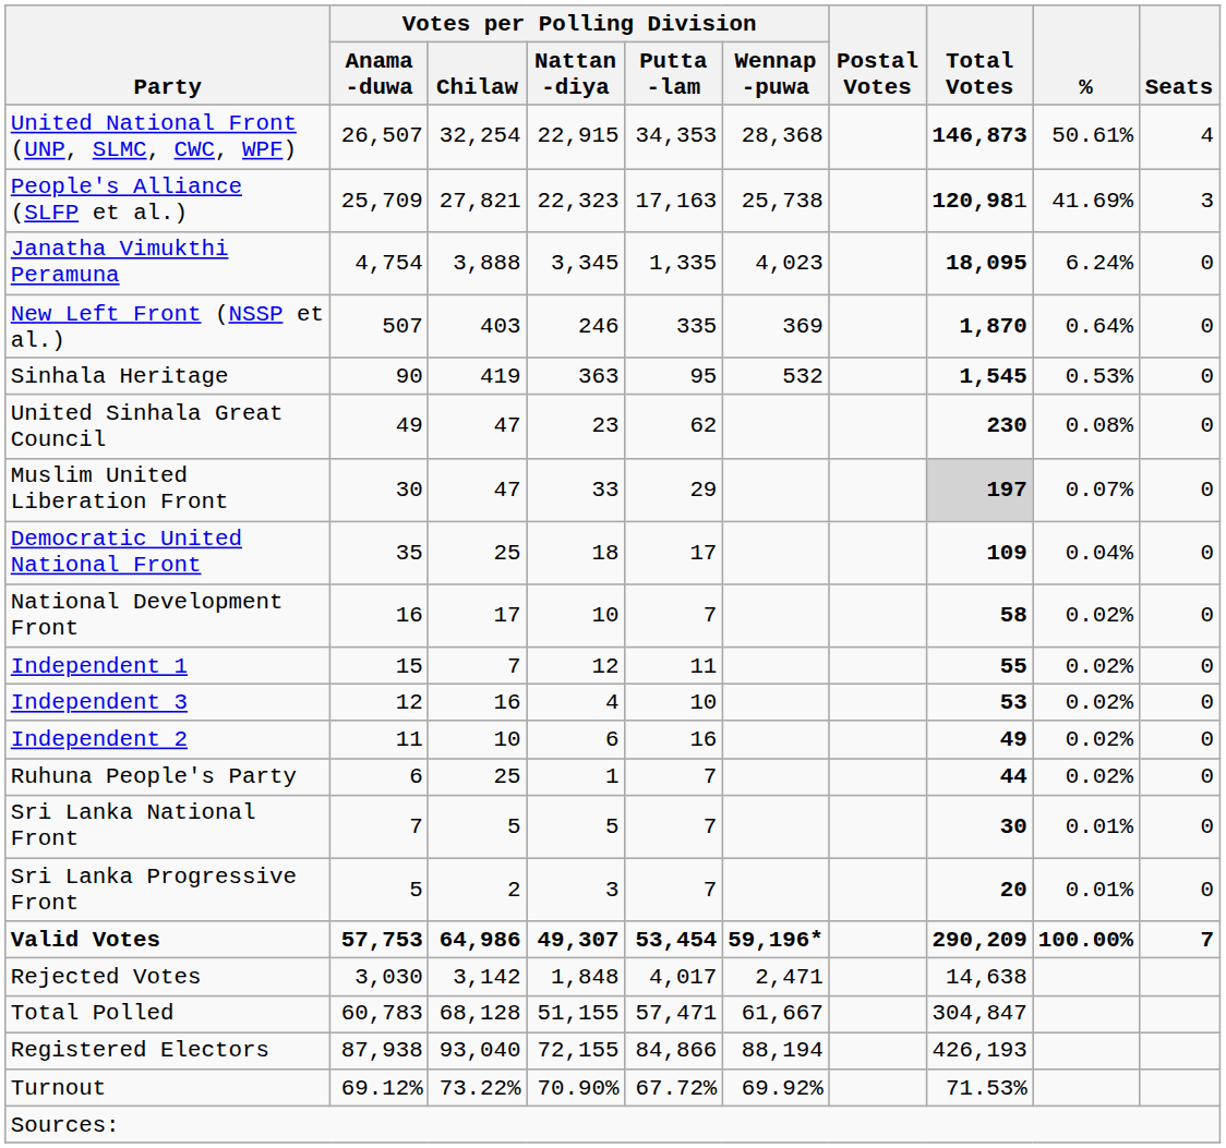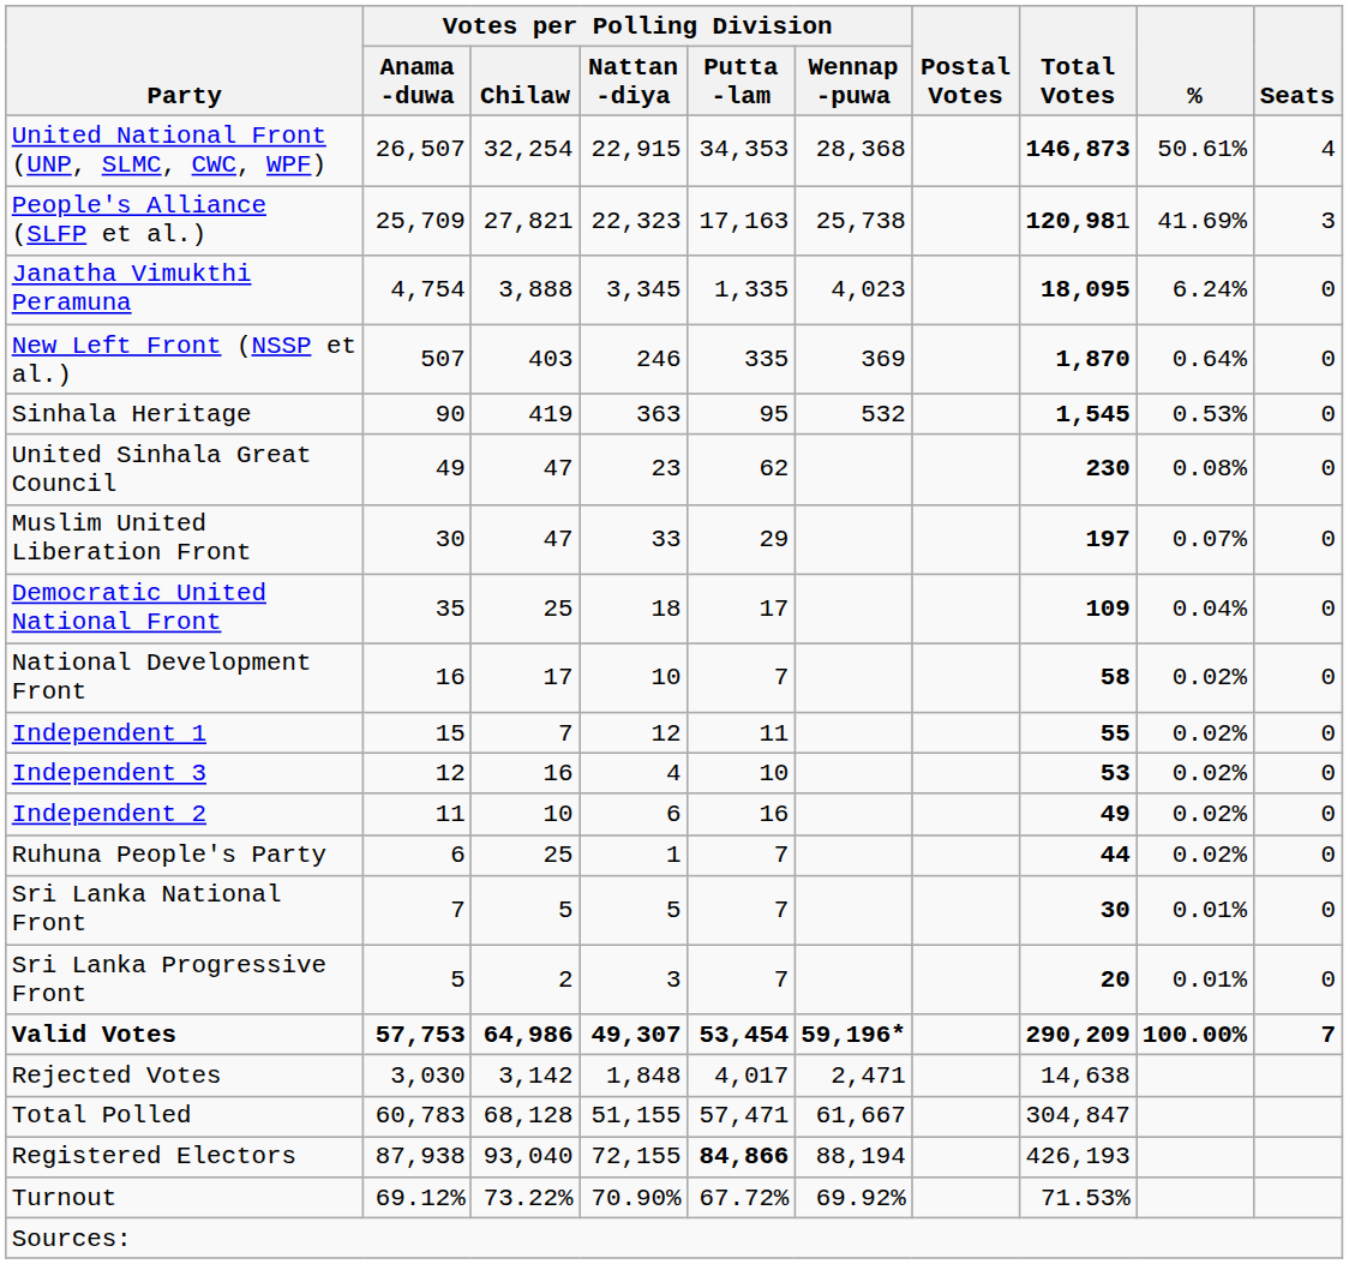 <table class="wikitable" border="1" style="text-align:right;">
 <tr>
 <th align=left valign=bottom rowspan=2 width="180">Party</th>
 <th colspan=5>Votes per Polling Division</th>
 <th align=center valign=bottom rowspan=2 width="50">Postal<br>Votes</th>
 <th align=center valign=bottom rowspan=2 width="50">Total Votes</th>
 <th align=center valign=bottom rowspan=2 width="50">%</th>
 <th align=center valign=bottom rowspan=2 width="40">Seats</th>
 </tr>
 <tr>
 <th align=center valign=bottom width="50">Anama<br>-duwa</th>
 <th align=center valign=bottom width="50">Chilaw</th>
 <th align=center valign=bottom width="50">Nattan<br>-diya</th>
 <th align=center valign=bottom width="50">Putta<br>-lam</th>
 <th align=center valign=bottom width="50">Wennap<br>-puwa</th>
 </tr>
 <tr>
 <td align=left><a href='#'>United National Front</a><br>(<a href='#'>UNP</a>, <a href='#'>SLMC</a>, <a href='#'>CWC</a>, <a href='#'>WPF</a>)</td>
 <td>26,507</td>
 <td>32,254</td>
 <td>22,915</td>
 <td>34,353</td>
 <td>28,368</td>
 <td></td>
 <td><strong>146,873</strong></td>
 <td>50.61%</td>
 <td>4</td>
 </tr>
 <tr>
 <td align=left><a href='#'>People's Alliance</a><br>(<a href='#'>SLFP</a> et al.)</td>
 <td>25,709</td>
 <td>27,821</td>
 <td>22,323</td>
 <td>17,163</td>
 <td>25,738</td>
 <td></td>
 <td><strong>120,98</strong>1</td>
 <td>41.69%</td>
 <td>3</td>
 </tr>
 <tr>
 <td align=left><a href='#'>Janatha Vimukthi Peramuna</a></td>
 <td>4,754</td>
 <td>3,888</td>
 <td>3,345</td>
 <td>1,335</td>
 <td>4,023</td>
 <td></td>
 <td><strong>18,095</strong></td>
 <td>6.24%</td>
 <td>0</td>
 </tr>
 <tr>
 <td align=left><a href='#'>New Left Front</a> (<a href='#'>NSSP</a> et al.)</td>
 <td>507</td>
 <td>403</td>
 <td>246</td>
 <td>335</td>
 <td>369</td>
 <td></td>
 <td><strong>1,870</strong></td>
 <td>0.64%</td>
 <td>0</td>
 </tr>
 <tr>
 <td align=left>Sinhala Heritage</td>
 <td>90</td>
 <td>419</td>
 <td>363</td>
 <td>95</td>
 <td>532</td>
 <td></td>
 <td><strong>1,545</strong></td>
 <td>0.53%</td>
 <td>0</td>
 </tr>
 <tr>
 <td align=left>United Sinhala Great Council</td>
 <td>49</td>
 <td>47</td>
 <td>23</td>
 <td>62</td>
 <td></td>
 <td></td>
 <td><strong>230</strong></td>
 <td>0.08%</td>
 <td>0</td>
 </tr>
 <tr>
 <td align=left>Muslim United Liberation Front</td>
 <td>30</td>
 <td>47</td>
 <td>33</td>
 <td>29</td>
 <td></td>
 <td></td>
-<td style="background: lightgrey;"><strong>197</strong></td>
+<td><strong>197</strong></td>
 <td>0.07%</td>
 <td>0</td>
 </tr>
 <tr>
 <td align=left><a href='#'>Democratic United National Front</a></td>
 <td>35</td>
 <td>25</td>
 <td>18</td>
 <td>17</td>
 <td></td>
 <td></td>
 <td><strong>109</strong></td>
 <td>0.04%</td>
 <td>0</td>
 </tr>
 <tr>
 <td align=left>National Development Front</td>
 <td>16</td>
 <td>17</td>
 <td>10</td>
 <td>7</td>
 <td></td>
 <td></td>
 <td><strong>58</strong></td>
 <td>0.02%</td>
 <td>0</td>
 </tr>
 <tr>
 <td align=left><a href='#'>Independent 1</a></td>
 <td>15</td>
 <td>7</td>
 <td>12</td>
 <td>11</td>
 <td></td>
 <td></td>
 <td><strong>55</strong></td>
 <td>0.02%</td>
 <td>0</td>
 </tr>
 <tr>
 <td align=left><a href='#'>Independent 3</a></td>
 <td>12</td>
 <td>16</td>
 <td>4</td>
 <td>10</td>
 <td></td>
 <td></td>
 <td><strong>53</strong></td>
 <td>0.02%</td>
 <td>0</td>
 </tr>
 <tr>
 <td align=left><a href='#'>Independent 2</a></td>
 <td>11</td>
 <td>10</td>
 <td>6</td>
 <td>16</td>
 <td></td>
 <td></td>
 <td><strong>49</strong></td>
 <td>0.02%</td>
 <td>0</td>
 </tr>
 <tr>
 <td align=left>Ruhuna People's Party</td>
 <td>6</td>
 <td>25</td>
 <td>1</td>
 <td>7</td>
 <td></td>
 <td></td>
 <td><strong>44</strong></td>
 <td>0.02%</td>
 <td>0</td>
 </tr>
 <tr>
 <td align=left>Sri Lanka National Front</td>
 <td>7</td>
 <td>5</td>
 <td>5</td>
 <td>7</td>
 <td></td>
 <td></td>
 <td><strong>30</strong></td>
 <td>0.01%</td>
 <td>0</td>
 </tr>
 <tr>
 <td align=left>Sri Lanka Progressive Front</td>
 <td>5</td>
 <td>2</td>
 <td>3</td>
 <td>7</td>
 <td></td>
 <td></td>
 <td><strong>20</strong></td>
 <td>0.01%</td>
 <td>0</td>
 </tr>
 <tr>
 <td align=left><strong>Valid Votes</strong></td>
 <td><strong>57,753</strong></td>
 <td><strong>64,986</strong></td>
 <td><strong>49,307</strong></td>
 <td><strong>53,454</strong></td>
 <td><strong>59,196*</strong></td>
 <td></td>
 <td><strong>290,209</strong></td>
 <td><strong>100.00%</strong></td>
 <td><strong>7</strong></td>
 </tr>
 <tr>
 <td align=left>Rejected Votes</td>
 <td>3,030</td>
 <td>3,142</td>
 <td>1,848</td>
 <td>4,017</td>
 <td>2,471</td>
 <td></td>
 <td>14,638</td>
 <td></td>
 <td></td>
 </tr>
 <tr>
 <td align=left>Total Polled</td>
 <td>60,783</td>
 <td>68,128</td>
 <td>51,155</td>
 <td>57,471</td>
 <td>61,667</td>
 <td></td>
 <td>304,847</td>
 <td></td>
 <td></td>
 </tr>
 <tr>
 <td align=left>Registered Electors</td>
 <td>87,938</td>
 <td>93,040</td>
 <td>72,155</td>
-<td>84,866</td>
+<td><strong>84,866</strong></td>
 <td>88,194</td>
 <td></td>
 <td>426,193</td>
 <td></td>
 <td></td>
 </tr>
 <tr>
 <td align=left>Turnout</td>
 <td>69.12%</td>
 <td>73.22%</td>
 <td>70.90%</td>
 <td>67.72%</td>
 <td>69.92%</td>
 <td></td>
 <td>71.53%</td>
 <td></td>
 <td></td>
 </tr>
 <tr>
 <td align=left colspan=11>Sources:</td>
 </tr>
 </table>
